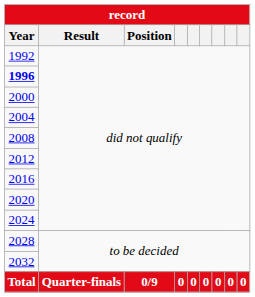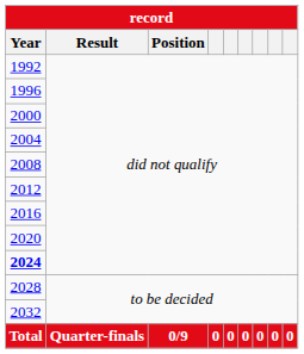 <table class="wikitable" style="text-align: center;">
 <tr>
 <th style="width:50px;background:#E30A17;color:#FFFFFF" colspan=9><a href='#'></a> record</th>
 </tr>
 <tr>
 <th>Year</th>
 <th>Result</th>
 <th>Position</th>
 <th></th>
 <th></th>
 <th></th>
 <th></th>
 <th></th>
 <th></th>
 </tr>
 <tr>
 <td> <a href='#'>1992</a></td>
 <td colspan=8 rowspan=9><em>did not qualify</em></td>
 </tr>
 <tr>
-<td><strong> <a href='#'>1996</a></strong></td>
+<td> <a href='#'>1996</a></td>
 </tr>
 <tr>
 <td> <a href='#'>2000</a></td>
 </tr>
 <tr>
 <td> <a href='#'>2004</a></td>
 </tr>
 <tr>
 <td> <a href='#'>2008</a></td>
 </tr>
 <tr>
 <td> <a href='#'>2012</a></td>
 </tr>
 <tr>
 <td> <a href='#'>2016</a></td>
 </tr>
 <tr>
 <td> <a href='#'>2020</a></td>
 </tr>
 <tr>
-<td> <a href='#'>2024</a></td>
+<td><strong> <a href='#'>2024</a></strong></td>
 </tr>
 <tr>
 <td> <a href='#'>2028</a></td>
 <td colspan=9 rowspan=2><em>to be decided</em></td>
 </tr>
 <tr>
 <td> <a href='#'>2032</a></td>
 </tr>
 <tr>
 <th style="background:#E30A17;color:#FFFFFF">Total</th>
 <th style="background:#E30A17;color:#FFFFFF">Quarter-finals</th>
 <th style="background:#E30A17;color:#FFFFFF">0/9</th>
 <th style="background:#E30A17;color:#FFFFFF">0</th>
 <th style="background:#E30A17;color:#FFFFFF">0</th>
 <th style="background:#E30A17;color:#FFFFFF">0</th>
 <th style="background:#E30A17;color:#FFFFFF">0</th>
 <th style="background:#E30A17;color:#FFFFFF">0</th>
 <th style="background:#E30A17;color:#FFFFFF">0</th>
 </tr>
 </table>
